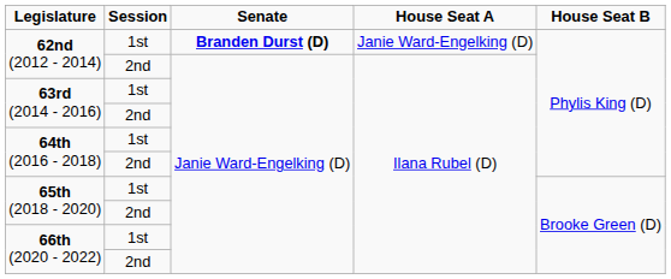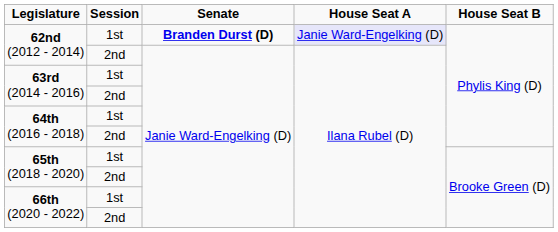 <table class=wikitable style="text-align:center">
 <tr>
 <td><strong>Legislature</strong></td>
 <td><strong>Session</strong></td>
 <td><strong>Senate</strong></td>
 <td><strong>House Seat A</strong></td>
 <td><strong>House Seat B</strong></td>
 </tr>
 <tr>
 <td rowspan="2" colspan="1" style="text-align: center;"><strong>62nd</strong> <br> (2012 - 2014)</td>
 <td>1st</td>
 <td rowspan="1" colspan="1" style="text-align: center;" ><strong><a href='#'>Branden Durst</a> (D)</strong></td>
-<td rowspan="1" colspan="1" style="text-align: center;" ><a href='#'>Janie Ward-Engelking</a> (D)</td>
+<td rowspan="1" colspan="1" style="background: lavender; text-align: center;" ><a href='#'>Janie Ward-Engelking</a> (D)</td>
 <td rowspan="6" colspan="1" style="text-align: center;" ><a href='#'>Phylis King</a> (D)</td>
 </tr>
 <tr>
 <td>2nd</td>
 <td rowspan="9" colspan="1" style="text-align: center;" ><a href='#'>Janie Ward-Engelking</a> (D)</td>
 <td rowspan="9" colspan="1" style="text-align: center;" ><a href='#'>Ilana Rubel</a> (D)</td>
 </tr>
 <tr>
 <td rowspan="2" colspan="1" style="text-align: center;"><strong>63rd</strong> <br> (2014 - 2016)</td>
 <td>1st</td>
 </tr>
 <tr>
 <td>2nd</td>
 </tr>
 <tr>
 <td rowspan="2" colspan="1" style="text-align: center;"><strong>64th</strong> <br> (2016 - 2018)</td>
 <td>1st</td>
 </tr>
 <tr>
 <td>2nd</td>
 </tr>
 <tr>
 <td rowspan="2" colspan="1" style="text-align: center;"><strong>65th</strong> <br> (2018 - 2020)</td>
 <td>1st</td>
 <td rowspan="4" colspan="1" style="text-align: center;" ><a href='#'>Brooke Green</a> (D)</td>
 </tr>
 <tr>
 <td>2nd</td>
 </tr>
 <tr>
 <td rowspan="2" colspan="1" style="text-align: center;"><strong>66th</strong> <br> (2020 - 2022)</td>
 <td>1st</td>
 </tr>
 <tr>
 <td>2nd</td>
 </tr>
 </table>
